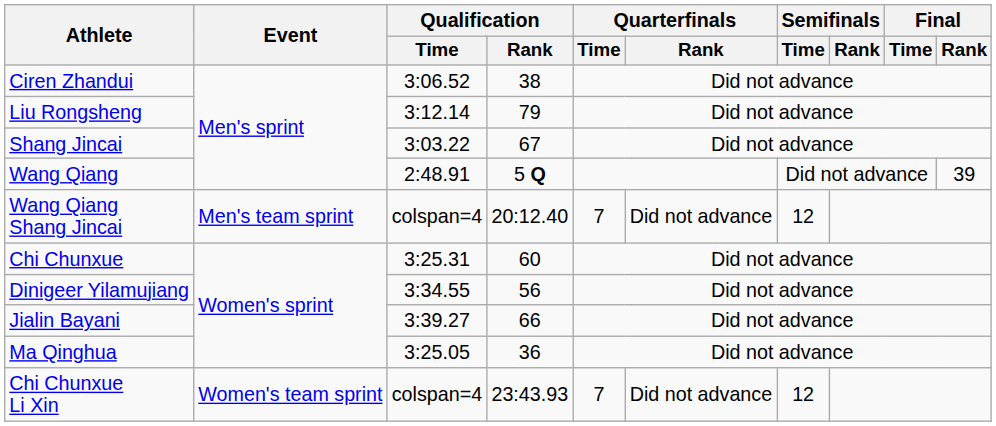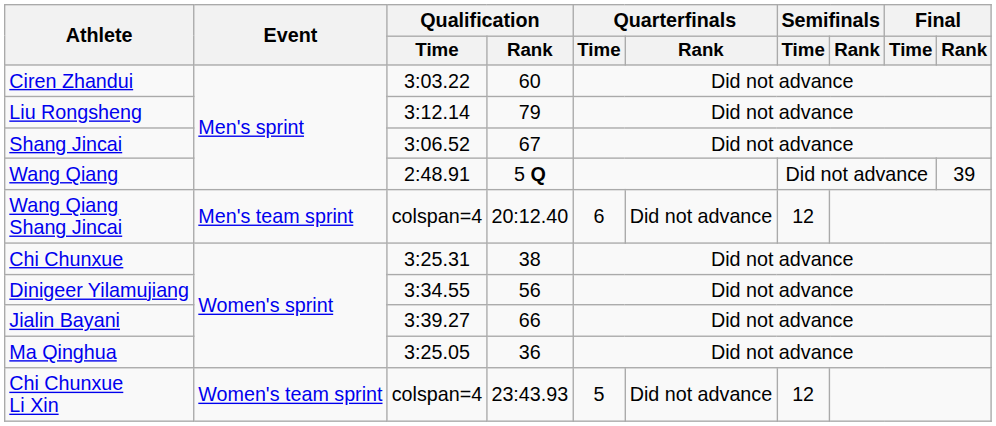 <table class="wikitable" style="font-size:90%">
 <tr>
 <th rowspan=2>Athlete</th>
 <th rowspan=2>Event</th>
 <th colspan=2>Qualification</th>
 <th colspan=2>Quarterfinals</th>
 <th colspan=2>Semifinals</th>
 <th colspan=2>Final</th>
 </tr>
 <tr style="font-size:95%">
 <th>Time</th>
 <th>Rank</th>
 <th>Time</th>
 <th>Rank</th>
 <th>Time</th>
 <th>Rank</th>
 <th>Time</th>
 <th>Rank</th>
 </tr>
 <tr align=center>
 <td align=left><a href='#'>Ciren Zhandui</a></td>
 <td align=left rowspan=4><a href='#'>Men's sprint</a></td>
-<td>3:06.52</td>
-<td>38</td>
+<td>3:03.22</td>
+<td>60</td>
 <td colspan=6>Did not advance</td>
 </tr>
 <tr align=center>
 <td align=left><a href='#'>Liu Rongsheng</a></td>
 <td>3:12.14</td>
 <td>79</td>
 <td colspan=6>Did not advance</td>
 </tr>
 <tr align=center>
 <td align=left><a href='#'>Shang Jincai</a></td>
-<td>3:03.22</td>
+<td>3:06.52</td>
 <td>67</td>
 <td colspan=6>Did not advance</td>
 </tr>
 <tr align=center>
 <td align=left><a href='#'>Wang Qiang</a></td>
 <td>2:48.91</td>
 <td>5 <strong>Q</strong></td>
 <td colspan=2></td>
 <td colspan=3>Did not advance</td>
 <td>39</td>
 </tr>
 <tr align=center>
 <td align=left><a href='#'>Wang Qiang</a><br><a href='#'>Shang Jincai</a></td>
 <td align=left><a href='#'>Men's team sprint</a></td>
 <td>colspan=4 </td>
 <td>20:12.40</td>
-<td>7</td>
+<td>6</td>
 <td>Did not advance</td>
 <td>12</td>
 </tr>
 <tr align=center>
 <td align=left><a href='#'>Chi Chunxue</a></td>
 <td align=left rowspan=4><a href='#'>Women's sprint</a></td>
 <td>3:25.31</td>
-<td>60</td>
+<td>38</td>
 <td colspan=6>Did not advance</td>
 </tr>
 <tr align=center>
 <td align=left><a href='#'>Dinigeer Yilamujiang</a></td>
 <td>3:34.55</td>
 <td>56</td>
 <td colspan=6>Did not advance</td>
 </tr>
 <tr align=center>
 <td align=left><a href='#'>Jialin Bayani</a></td>
 <td>3:39.27</td>
 <td>66</td>
 <td colspan=6>Did not advance</td>
 </tr>
 <tr align=center>
 <td align=left><a href='#'>Ma Qinghua</a></td>
 <td>3:25.05</td>
 <td>36</td>
 <td colspan=6>Did not advance</td>
 </tr>
 <tr align=center>
 <td align=left><a href='#'>Chi Chunxue</a><br><a href='#'>Li Xin</a></td>
 <td align=left><a href='#'>Women's team sprint</a></td>
 <td>colspan=4 </td>
 <td>23:43.93</td>
-<td>7</td>
+<td>5</td>
 <td>Did not advance</td>
 <td>12</td>
 </tr>
 </table>
